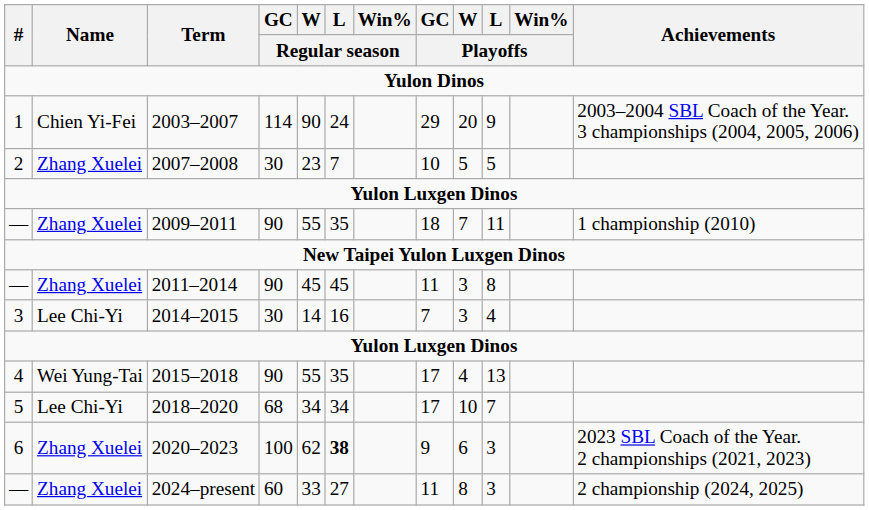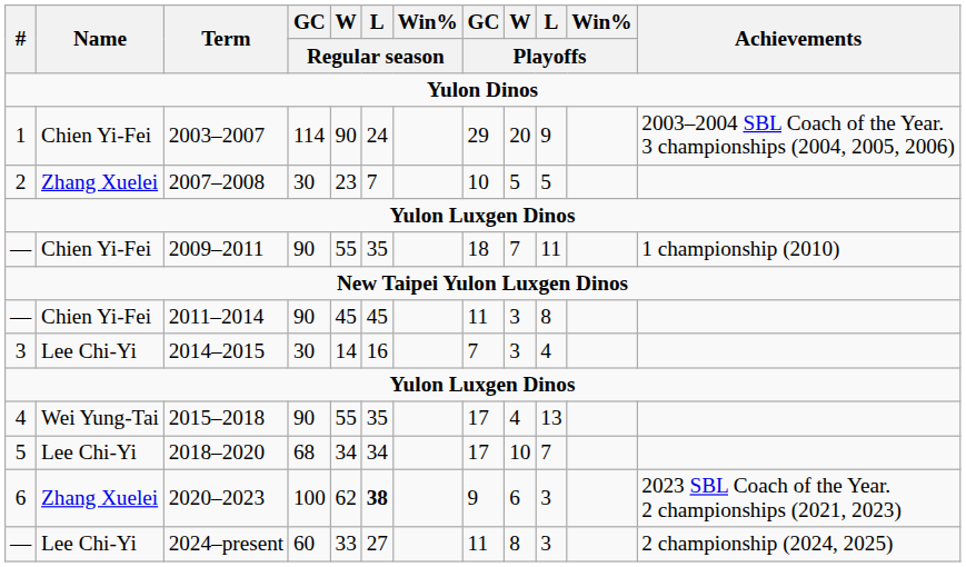 <table class="wikitable sortable">
 <tr>
 <th rowspan="2">#</th>
 <th rowspan="2">Name</th>
 <th rowspan="2">Term</th>
 <th>GC</th>
 <th>W</th>
 <th>L</th>
 <th>Win%</th>
 <th>GC</th>
 <th>W</th>
 <th>L</th>
 <th>Win%</th>
 <th rowspan="2" class=unsortable>Achievements</th>
 </tr>
 <tr class="unsortable">
 <th colspan="4">Regular season</th>
 <th colspan="4">Playoffs</th>
 </tr>
 <tr>
 <td align=center colspan="15"><strong>Yulon Dinos</strong></td>
 </tr>
 <tr>
 <td align=center>1</td>
 <td>Chien Yi-Fei</td>
 <td>2003–2007</td>
 <td>114</td>
 <td>90</td>
 <td>24</td>
 <td></td>
 <td>29</td>
 <td>20</td>
 <td>9</td>
 <td></td>
 <td>2003–2004 <a href='#'>SBL</a> Coach of the Year.<br>3 championships (2004, 2005, 2006)</td>
 </tr>
 <tr>
 <td align=center>2</td>
 <td><a href='#'>Zhang Xuelei</a></td>
 <td>2007–2008</td>
 <td>30</td>
 <td>23</td>
 <td>7</td>
 <td></td>
 <td>10</td>
 <td>5</td>
 <td>5</td>
 <td></td>
 <td></td>
 </tr>
 <tr>
 <td align=center colspan="15"><strong>Yulon Luxgen Dinos</strong></td>
 </tr>
 <tr>
 <td align=center>—</td>
-<td><a href='#'>Zhang Xuelei</a></td>
+<td>Chien Yi-Fei</td>
 <td>2009–2011</td>
 <td>90</td>
 <td>55</td>
 <td>35</td>
 <td></td>
 <td>18</td>
 <td>7</td>
 <td>11</td>
 <td></td>
 <td>1 championship (2010)</td>
 </tr>
 <tr>
 <td align=center colspan="15"><strong>New Taipei Yulon Luxgen Dinos</strong></td>
 </tr>
 <tr>
 <td align=center>—</td>
-<td><a href='#'>Zhang Xuelei</a></td>
+<td>Chien Yi-Fei</td>
 <td>2011–2014</td>
 <td>90</td>
 <td>45</td>
 <td>45</td>
 <td></td>
 <td>11</td>
 <td>3</td>
 <td>8</td>
 <td></td>
 <td></td>
 </tr>
 <tr>
 <td align=center>3</td>
 <td>Lee Chi-Yi</td>
 <td>2014–2015</td>
 <td>30</td>
 <td>14</td>
 <td>16</td>
 <td></td>
 <td>7</td>
 <td>3</td>
 <td>4</td>
 <td></td>
 <td></td>
 </tr>
 <tr>
 <td align=center colspan="15"><strong>Yulon Luxgen Dinos</strong></td>
 </tr>
 <tr>
 <td align=center>4</td>
 <td>Wei Yung-Tai</td>
 <td>2015–2018</td>
 <td>90</td>
 <td>55</td>
 <td>35</td>
 <td></td>
 <td>17</td>
 <td>4</td>
 <td>13</td>
 <td></td>
 <td></td>
 </tr>
 <tr>
 <td align=center>5</td>
 <td>Lee Chi-Yi</td>
 <td>2018–2020</td>
 <td>68</td>
 <td>34</td>
 <td>34</td>
 <td></td>
 <td>17</td>
 <td>10</td>
 <td>7</td>
 <td></td>
 <td></td>
 </tr>
 <tr>
 <td align=center>6</td>
 <td><a href='#'>Zhang Xuelei</a></td>
 <td>2020–2023</td>
 <td>100</td>
 <td>62</td>
 <td><strong>38</strong></td>
 <td></td>
 <td>9</td>
 <td>6</td>
 <td>3</td>
 <td></td>
 <td>2023 <a href='#'>SBL</a> Coach of the Year.<br>2 championships (2021, 2023)</td>
 </tr>
 <tr>
 <td align=center>—</td>
-<td><a href='#'>Zhang Xuelei</a></td>
+<td>Lee Chi-Yi</td>
 <td>2024–present</td>
 <td>60</td>
 <td>33</td>
 <td>27</td>
 <td></td>
 <td>11</td>
 <td>8</td>
 <td>3</td>
 <td></td>
 <td>2 championship (2024, 2025)</td>
 </tr>
 </table>
